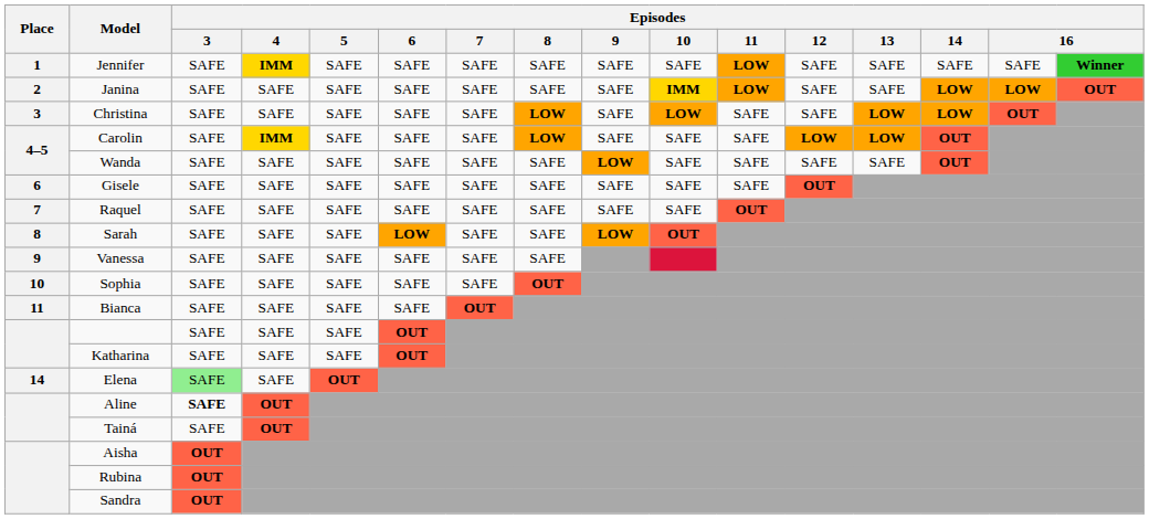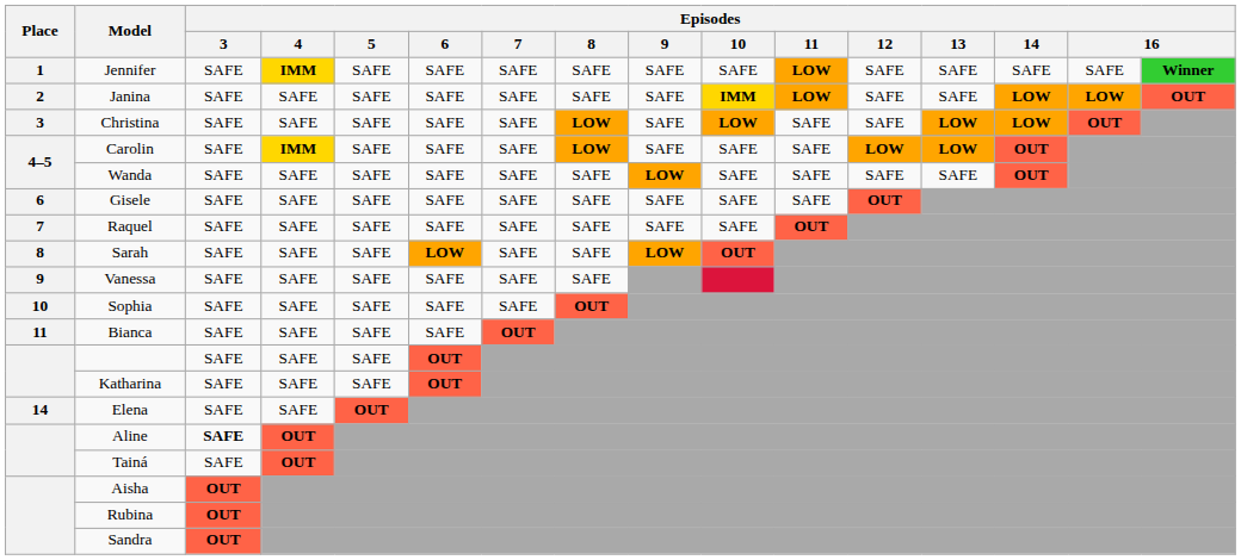 <table class="wikitable" style="width:50%; text-align:center; font-size:80%;">
 <tr>
 <th rowspan="2">Place</th>
 <th rowspan="2">Model</th>
 <th colspan="14">Episodes</th>
 </tr>
 <tr>
 <th>3</th>
 <th>4</th>
 <th>5</th>
 <th>6</th>
 <th>7</th>
 <th>8</th>
 <th>9</th>
 <th>10</th>
 <th>11</th>
 <th>12</th>
 <th>13</th>
 <th>14</th>
 <th colspan="2">16</th>
 </tr>
 <tr>
 <th>1</th>
 <td>Jennifer</td>
 <td>SAFE</td>
 <td style="background:gold"><strong>IMM</strong></td>
 <td>SAFE</td>
 <td>SAFE</td>
 <td>SAFE</td>
 <td>SAFE</td>
 <td>SAFE</td>
 <td>SAFE</td>
 <td style="background:orange"><strong>LOW</strong></td>
 <td>SAFE</td>
 <td>SAFE</td>
 <td>SAFE</td>
 <td>SAFE</td>
 <td style="background:limegreen"><strong>Winner</strong></td>
 </tr>
 <tr>
 <th>2</th>
 <td>Janina</td>
 <td>SAFE</td>
 <td>SAFE</td>
 <td>SAFE</td>
 <td>SAFE</td>
 <td>SAFE</td>
 <td>SAFE</td>
 <td>SAFE</td>
 <td style="background:gold"><strong>IMM</strong></td>
 <td style="background:orange"><strong>LOW</strong></td>
 <td>SAFE</td>
 <td>SAFE</td>
 <td style="background:orange"><strong>LOW</strong></td>
 <td style="background:orange"><strong>LOW</strong></td>
 <td style="background:tomato"><strong>OUT</strong></td>
 </tr>
 <tr>
 <th>3</th>
 <td>Christina</td>
 <td>SAFE</td>
 <td>SAFE</td>
 <td>SAFE</td>
 <td>SAFE</td>
 <td>SAFE</td>
 <td style="background:orange"><strong>LOW</strong></td>
 <td>SAFE</td>
 <td style="background:orange"><strong>LOW</strong></td>
 <td>SAFE</td>
 <td>SAFE</td>
 <td style="background:orange"><strong>LOW</strong></td>
 <td style="background:orange"><strong>LOW</strong></td>
 <td style="background:tomato"><strong>OUT</strong></td>
 <td style="background:darkgray"></td>
 </tr>
 <tr>
 <th rowspan="2">4–5</th>
 <td>Carolin</td>
 <td>SAFE</td>
 <td style="background:gold"><strong>IMM</strong></td>
 <td>SAFE</td>
 <td>SAFE</td>
 <td>SAFE</td>
 <td style="background:orange"><strong>LOW</strong></td>
 <td>SAFE</td>
 <td>SAFE</td>
 <td>SAFE</td>
 <td style="background:orange"><strong>LOW</strong></td>
 <td style="background:orange"><strong>LOW</strong></td>
 <td style="background:tomato"><strong>OUT</strong></td>
 <td colspan="2" style="background:darkgray"></td>
 </tr>
 <tr>
 <td>Wanda</td>
 <td>SAFE</td>
 <td>SAFE</td>
 <td>SAFE</td>
 <td>SAFE</td>
 <td>SAFE</td>
 <td>SAFE</td>
 <td style="background:orange"><strong>LOW</strong></td>
 <td>SAFE</td>
 <td>SAFE</td>
 <td>SAFE</td>
 <td>SAFE</td>
 <td style="background:tomato"><strong>OUT</strong></td>
 <td colspan="2" style="background:darkgray"></td>
 </tr>
 <tr>
 <th>6</th>
 <td>Gisele</td>
 <td>SAFE</td>
 <td>SAFE</td>
 <td>SAFE</td>
 <td>SAFE</td>
 <td>SAFE</td>
 <td>SAFE</td>
 <td>SAFE</td>
 <td>SAFE</td>
 <td>SAFE</td>
 <td style="background:tomato"><strong>OUT</strong></td>
 <td colspan="4" style="background:darkgray"></td>
 </tr>
 <tr>
 <th>7</th>
 <td>Raquel</td>
 <td>SAFE</td>
 <td>SAFE</td>
 <td>SAFE</td>
 <td>SAFE</td>
 <td>SAFE</td>
 <td>SAFE</td>
 <td>SAFE</td>
 <td>SAFE</td>
 <td style="background:tomato"><strong>OUT</strong></td>
 <td colspan="5" style="background:darkgray"></td>
 </tr>
 <tr>
 <th>8</th>
 <td>Sarah</td>
 <td>SAFE</td>
 <td>SAFE</td>
 <td>SAFE</td>
 <td style="background:orange"><strong>LOW</strong></td>
 <td>SAFE</td>
 <td>SAFE</td>
 <td style="background:orange"><strong>LOW</strong></td>
 <td style="background:tomato"><strong>OUT</strong></td>
 <td colspan="6" style="background:darkgray"></td>
 </tr>
 <tr>
 <th>9</th>
 <td>Vanessa</td>
 <td>SAFE</td>
 <td>SAFE</td>
 <td>SAFE</td>
 <td>SAFE</td>
 <td>SAFE</td>
 <td>SAFE</td>
 <td style="background:darkgray"></td>
 <td style="background:crimson"><strong></strong></td>
 <td colspan="6" style="background:darkgray"></td>
 </tr>
 <tr>
 <th>10</th>
 <td>Sophia</td>
 <td>SAFE</td>
 <td>SAFE</td>
 <td>SAFE</td>
 <td>SAFE</td>
 <td>SAFE</td>
 <td style="background:tomato"><strong>OUT</strong></td>
 <td colspan="8" style="background:darkgray"></td>
 </tr>
 <tr>
 <th>11</th>
 <td>Bianca</td>
 <td>SAFE</td>
 <td>SAFE</td>
 <td>SAFE</td>
 <td>SAFE</td>
 <td style="background:tomato"><strong>OUT</strong></td>
 <td colspan="9" style="background:darkgray"></td>
 </tr>
 <tr>
 <th rowspan="2"></th>
 <td></td>
 <td>SAFE</td>
 <td>SAFE</td>
 <td>SAFE</td>
 <td style="background:tomato"><strong>OUT</strong></td>
 <td colspan="10" style="background:darkgray"></td>
 </tr>
 <tr>
 <td>Katharina</td>
 <td>SAFE</td>
 <td>SAFE</td>
 <td>SAFE</td>
 <td style="background:tomato"><strong>OUT</strong></td>
 <td colspan="10" style="background:darkgray"></td>
 </tr>
 <tr>
 <th>14</th>
 <td>Elena</td>
-<td style="background: lightgreen;">SAFE</td>
+<td>SAFE</td>
 <td>SAFE</td>
 <td style="background:tomato"><strong>OUT</strong></td>
 <td colspan="11" style="background:darkgray"></td>
 </tr>
 <tr>
 <th rowspan="2"></th>
 <td>Aline</td>
 <td><strong>SAFE</strong></td>
 <td style="background:tomato"><strong>OUT</strong></td>
 <td colspan="12" style="background:darkgray"></td>
 </tr>
 <tr>
 <td>Tainá</td>
 <td>SAFE</td>
 <td style="background:tomato"><strong>OUT</strong></td>
 <td colspan="12" style="background:darkgray"></td>
 </tr>
 <tr>
 <th rowspan="3"></th>
 <td>Aisha</td>
 <td style="background:tomato"><strong>OUT</strong></td>
 <td colspan="13" style="background:darkgray"></td>
 </tr>
 <tr>
 <td>Rubina</td>
 <td style="background:tomato"><strong>OUT</strong></td>
 <td colspan="13" style="background:darkgray"></td>
 </tr>
 <tr>
 <td>Sandra</td>
 <td style="background:tomato"><strong>OUT</strong></td>
 <td colspan="13" style="background:darkgray"></td>
 </tr>
 </table>
